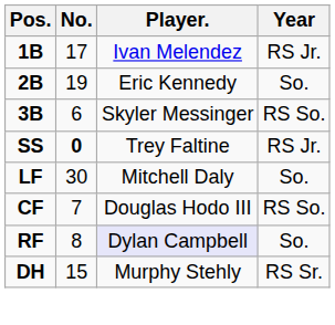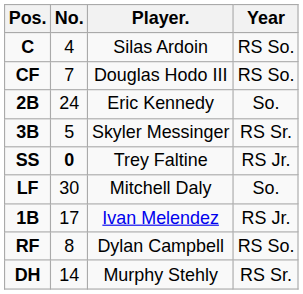 <table class="wikitable non-sortable">
 <tr>
 <th style="text-align:center; ">Pos.</th>
 <th style="text-align:center; ">No.</th>
 <th style="text-align:center; ">Player.</th>
 <th style="text-align:center; ">Year</th>
 </tr>
 <tr style="text-align:center;">
-<td><strong>1B</strong></td>
-<td>17</td>
-<td><a href='#'>Ivan Melendez</a></td>
-<td>RS Jr.</td>
+<td><strong>C</strong></td>
+<td>4</td>
+<td>Silas Ardoin</td>
+<td>RS So.</td>
+</tr>
+<tr style="text-align:center;">
+<td><strong>CF</strong></td>
+<td>7</td>
+<td>Douglas Hodo III</td>
+<td>RS So.</td>
 </tr>
 <tr style="text-align:center;">
 <td><strong>2B</strong></td>
-<td>19</td>
+<td>24</td>
 <td>Eric Kennedy</td>
 <td>So.</td>
 </tr>
 <tr style="text-align:center;">
 <td><strong>3B</strong></td>
-<td>6</td>
+<td>5</td>
 <td>Skyler Messinger</td>
-<td>RS So.</td>
+<td>RS Sr.</td>
 </tr>
 <tr style="text-align:center;">
 <td><strong>SS</strong></td>
 <td><strong>0</strong></td>
 <td>Trey Faltine</td>
 <td>RS Jr.</td>
 </tr>
 <tr style="text-align:center;">
 <td><strong>LF</strong></td>
 <td>30</td>
 <td>Mitchell Daly</td>
 <td>So.</td>
 </tr>
 <tr style="text-align:center;">
-<td><strong>CF</strong></td>
-<td>7</td>
-<td>Douglas Hodo III</td>
-<td>RS So.</td>
+<td><strong>1B</strong></td>
+<td>17</td>
+<td><a href='#'>Ivan Melendez</a></td>
+<td>RS Jr.</td>
 </tr>
 <tr style="text-align:center;">
 <td><strong>RF</strong></td>
 <td>8</td>
-<td style="background: lavender;">Dylan Campbell</td>
-<td>So.</td>
+<td>Dylan Campbell</td>
+<td>RS So.</td>
 </tr>
 <tr style="text-align:center;">
 <td><strong>DH</strong></td>
-<td>15</td>
+<td>14</td>
 <td>Murphy Stehly</td>
 <td>RS Sr.</td>
 </tr>
 </table>
